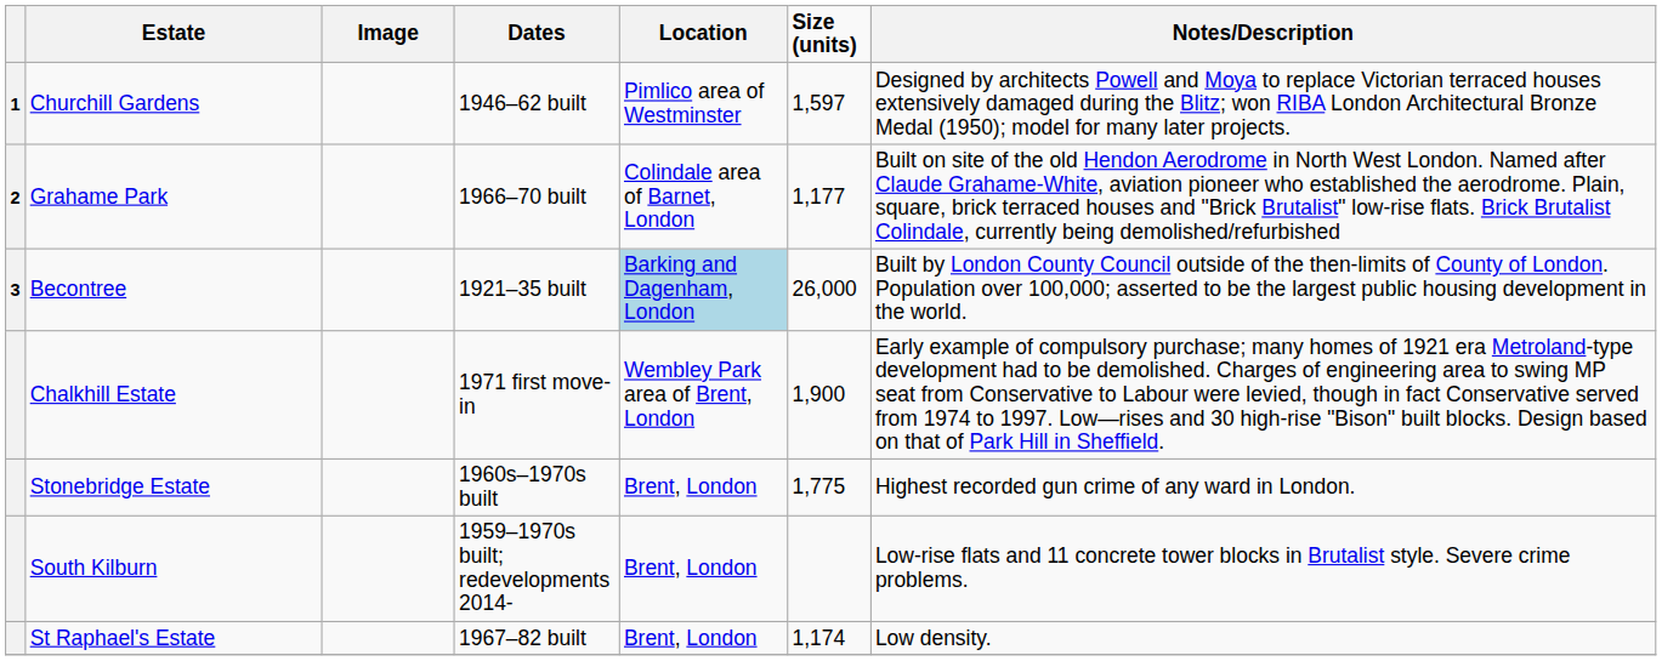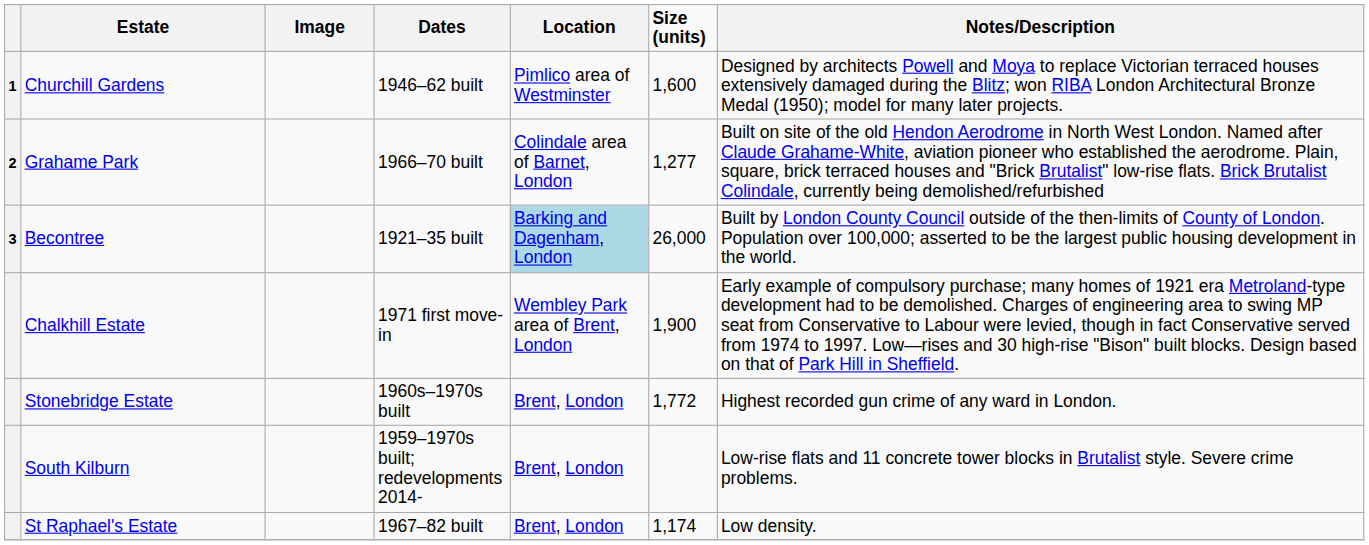 <table class="wikitable sor">
 <tr>
 <th></th>
 <th width = 18%><strong>Estate</strong></th>
 <th width = 8% class="unsortable"><strong>Image</strong></th>
 <th width = 10%><strong>Dates</strong></th>
 <th><strong>Location</strong></th>
 <td><strong>Size (units)</strong></td>
 <th class="unsortable"><strong>Notes/Description</strong></th>
 </tr>
 <tr ->
 <th><small>1</small></th>
 <td><a href='#'>Churchill Gardens</a></td>
 <td></td>
 <td>1946–62 built</td>
 <td><a href='#'>Pimlico</a> area of    <a href='#'>Westminster</a><br></td>
-<td>1,597</td>
+<td>1,600</td>
 <td>Designed by architects <a href='#'>Powell</a> and <a href='#'>Moya</a> to replace Victorian terraced houses extensively damaged during the <a href='#'>Blitz</a>; won <a href='#'>RIBA</a> London Architectural Bronze Medal (1950); model for many later projects.</td>
 </tr>
 <tr ->
 <th><small>2</small></th>
 <td><a href='#'>Grahame Park</a></td>
 <td></td>
 <td>1966–70 built</td>
 <td><a href='#'>Colindale</a> area of <a href='#'>Barnet</a>, <a href='#'>London</a><br><small></small></td>
-<td>1,177</td>
+<td>1,277</td>
 <td>Built on site of the old <a href='#'>Hendon Aerodrome</a> in North West London.  Named after <a href='#'>Claude Grahame-White</a>, aviation pioneer who established the aerodrome.  Plain, square, brick terraced houses and "Brick <a href='#'>Brutalist</a>" low-rise flats. <a href='#'>Brick Brutalist</a> <a href='#'>Colindale</a>, currently being demolished/refurbished</td>
 </tr>
 <tr ->
 <th><small>3</small></th>
 <td><a href='#'>Becontree</a></td>
 <td></td>
 <td>1921–35 built</td>
 <td style="background: lightblue;"><a href='#'>Barking and Dagenham</a>, <a href='#'>London</a><br><small></small></td>
 <td>26,000</td>
 <td>Built by <a href='#'>London County Council</a> outside of the then-limits of <a href='#'>County of London</a>.  Population over 100,000; asserted to be the largest public housing development in the world.</td>
 </tr>
 <tr ->
 <th><small></small></th>
 <td><a href='#'>Chalkhill Estate</a></td>
 <td></td>
 <td>1971 first move-in</td>
 <td><a href='#'>Wembley Park</a> area of <a href='#'>Brent</a>, <a href='#'>London</a><br><small></small></td>
 <td>1,900</td>
 <td>Early example of compulsory purchase; many homes of 1921 era <a href='#'>Metroland</a>-type development had to be demolished. Charges of engineering area to swing MP seat from Conservative to Labour were levied, though in fact Conservative served from 1974 to 1997.  Low—rises and 30 high-rise "Bison" built blocks.  Design based on that of <a href='#'>Park Hill in Sheffield</a>.</td>
 </tr>
 <tr ->
 <th><small></small></th>
 <td><a href='#'>Stonebridge Estate</a></td>
 <td></td>
 <td>1960s–1970s built</td>
 <td><a href='#'>Brent</a>, <a href='#'>London</a><br><small></small></td>
-<td>1,775</td>
+<td>1,772</td>
 <td>Highest recorded gun crime of any ward in London.</td>
 </tr>
 <tr ->
 <th><small></small></th>
 <td><a href='#'>South Kilburn</a></td>
 <td></td>
 <td>1959–1970s built; redevelopments 2014-</td>
 <td><a href='#'>Brent</a>, <a href='#'>London</a><br><small></small></td>
 <td></td>
 <td>Low-rise flats and 11 concrete tower blocks in <a href='#'>Brutalist</a> style. Severe crime problems.</td>
 </tr>
 <tr ->
 <th><small></small></th>
 <td><a href='#'>St Raphael's Estate</a></td>
 <td></td>
 <td>1967–82 built</td>
 <td><a href='#'>Brent</a>, <a href='#'>London</a><br><small></small></td>
 <td>1,174</td>
 <td>Low density.</td>
 </tr>
 <tr ->
 </tr>
 </table>
